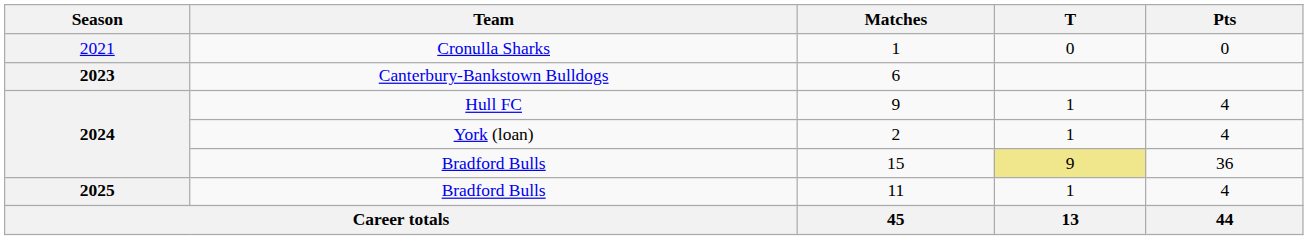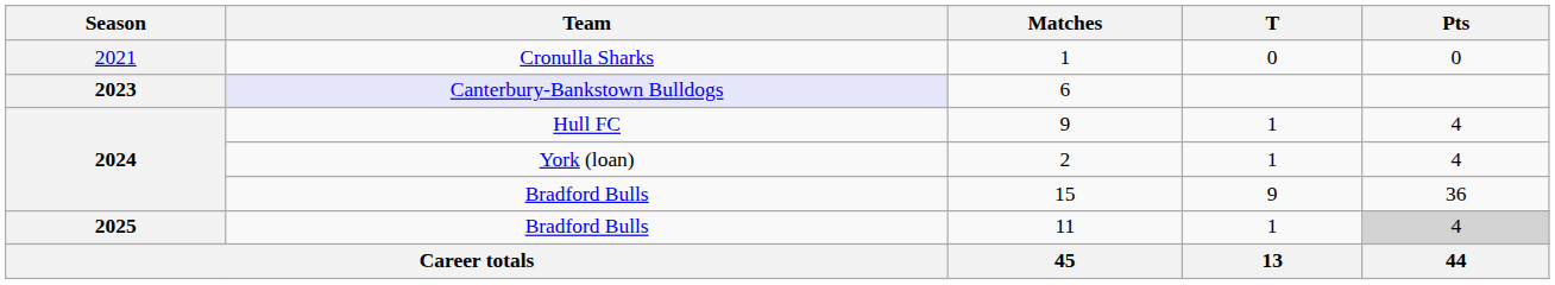 <table class="wikitable sortable"  style="font-size:90%; text-align:center; width:85%;">
 <tr>
 <th width=2%>Season</th>
 <th width=8%>Team</th>
 <th width=2%>Matches</th>
 <th width=2%>T</th>
 <th width=2%>Pts</th>
 </tr>
 <tr>
 <th scope="row" style="text-align:center; font-weight:normal"><a href='#'>2021</a></th>
 <td style="text-align:center;"> <a href='#'>Cronulla Sharks</a></td>
 <td>1</td>
 <td>0</td>
 <td>0</td>
 </tr>
 <tr>
 <th style="text-align: center;">2023</th>
-<td style="text-align: center;"> <a href='#'>Canterbury-Bankstown Bulldogs</a></td>
+<td style="background: lavender; text-align: center;"> <a href='#'>Canterbury-Bankstown Bulldogs</a></td>
 <td>6</td>
 <td></td>
 <td></td>
 </tr>
 <tr>
 <th rowspan="3" style="text-align: center;">2024</th>
 <td style="text-align: center;"> <a href='#'>Hull FC</a></td>
 <td>9</td>
 <td>1</td>
 <td>4</td>
 </tr>
 <tr>
 <td style="text-align: center;">  <a href='#'>York</a> (loan)</td>
 <td>2</td>
 <td>1</td>
 <td>4</td>
 </tr>
 <tr>
 <td style="text-align: center;"> <a href='#'>Bradford Bulls</a></td>
 <td>15</td>
-<td style="background: khaki;">9</td>
+<td>9</td>
 <td>36</td>
 </tr>
 <tr>
 <th style="text-align: center;">2025</th>
 <td style="text-align: center;"> <a href='#'>Bradford Bulls</a></td>
 <td>11</td>
 <td>1</td>
-<td>4</td>
+<td style="background: lightgrey;">4</td>
 </tr>
 <tr class="sortbottom">
 <th colspan="2">Career totals</th>
 <th>45</th>
 <th>13</th>
 <th>44</th>
 </tr>
 </table>
